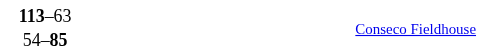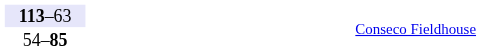 <table style="text-align:center">
 <tr>
 <th width=200></th>
 <th width=30></th>
 <th width=70></th>
 <th width=30></th>
 <th width=200></th>
 <th></th>
 </tr>
 <tr>
 <td align=right><strong></strong></td>
 <td></td>
-<td><strong>113</strong>–63</td>
+<td style="background: lavender;"><strong>113</strong>–63</td>
 <td></td>
 <td align=left></td>
 <td align=left rowspan=2><small><a href='#'>Conseco Fieldhouse</a></small></td>
 </tr>
 <tr>
 <td align=right></td>
 <td></td>
 <td>54–<strong>85</strong></td>
 <td></td>
 <td align=left><strong></strong></td>
 </tr>
 </table>
